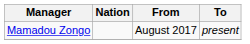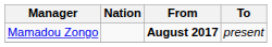 <table class="wikitable">
 <tr>
 <th>Manager</th>
 <th>Nation</th>
 <th>From</th>
 <th>To</th>
 </tr>
 <tr>
 <td><a href='#'>Mamadou Zongo</a></td>
 <td></td>
-<td>August 2017</td>
+<td><strong>August 2017</strong></td>
 <td><em>present</em></td>
 </tr>
 <tr>
 </tr>
 </table>
